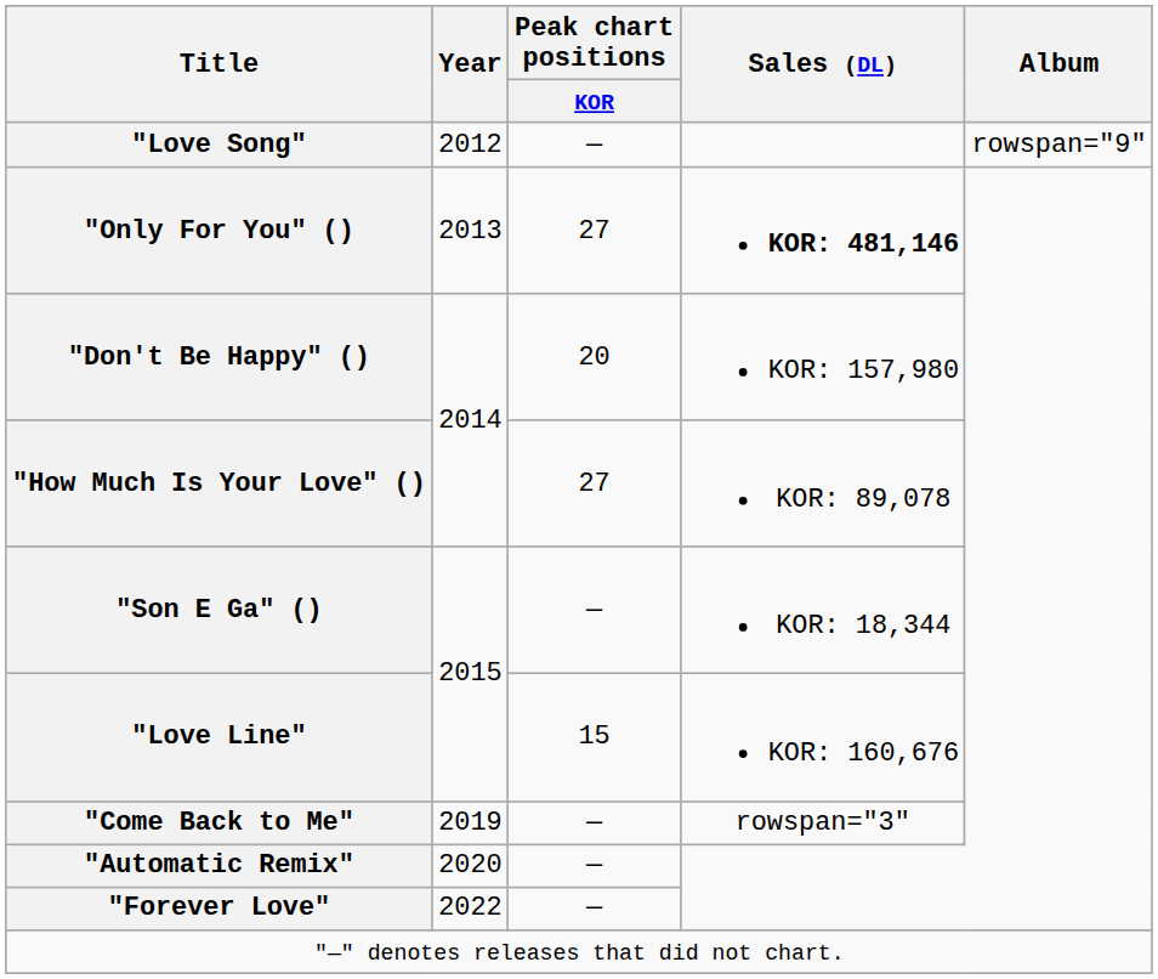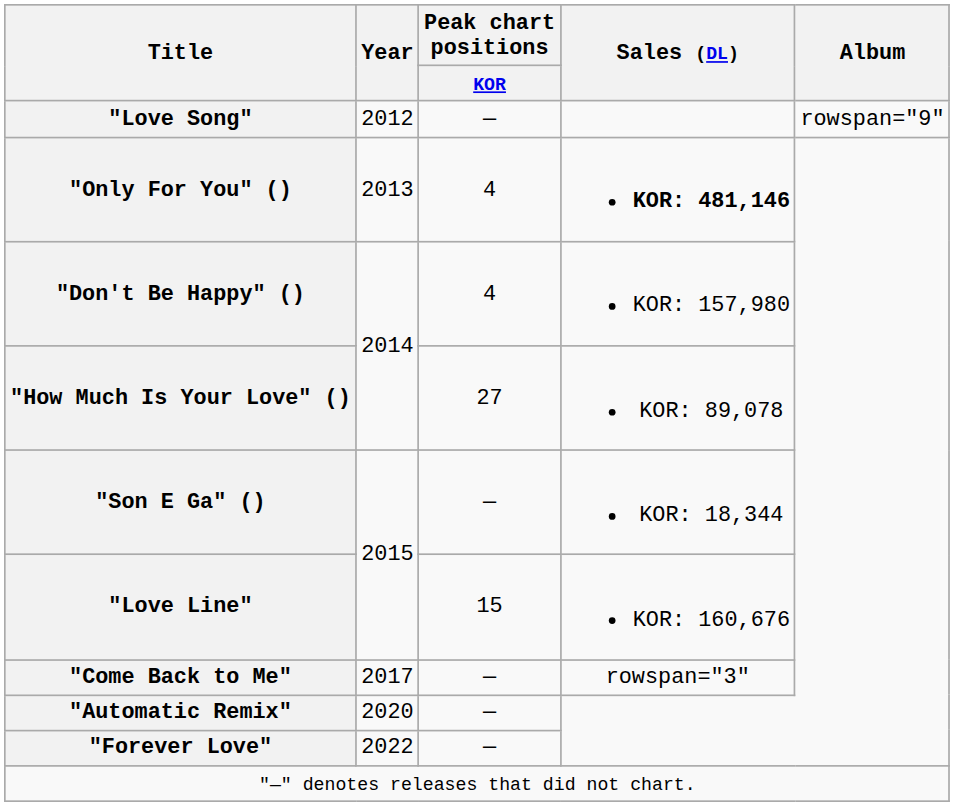 <table class="wikitable plainrowheaders" style="text-align:center;">
 <tr>
 <th scope="col" rowspan="2">Title</th>
 <th scope="col" rowspan="2">Year</th>
 <th scope="col" colspan="1">Peak chart <br> positions</th>
 <th scope="col" rowspan="2">Sales <small>(<a href='#'>DL</a>)</small></th>
 <th scope="col" rowspan="2">Album</th>
 </tr>
 <tr>
 <th><small><a href='#'>KOR</a></small><br></th>
 </tr>
 <tr>
 <th scope="row">"Love Song"<br></th>
 <td>2012</td>
 <td>—</td>
 <td></td>
 <td>rowspan="9" </td>
 </tr>
 <tr>
 <th scope="row">"Only For You" ()<br></th>
 <td>2013</td>
-<td>27</td>
+<td>4</td>
 <td><strong><br><ul><li>KOR: 481,146</li></ul></strong></td>
 </tr>
 <tr>
 <th scope="row">"Don't Be Happy" ()<br></th>
 <td rowspan="2">2014</td>
-<td>20</td>
+<td>4</td>
 <td><br><ul><li>KOR: 157,980</li></ul></td>
 </tr>
 <tr>
 <th scope="row">"How Much Is Your Love" ()<br></th>
 <td>27</td>
 <td><br><ul><li>KOR: 89,078</li></ul></td>
 </tr>
 <tr>
 <th scope="row">"Son E Ga" ()<br></th>
 <td rowspan="2">2015</td>
 <td>—</td>
 <td><br><ul><li>KOR:  18,344</li></ul></td>
 </tr>
 <tr>
 <th scope="row">"Love Line"<br></th>
 <td>15</td>
 <td><br><ul><li>KOR:  160,676</li></ul></td>
 </tr>
 <tr>
 <th scope="row">"Come Back to Me"<br></th>
-<td>2019</td>
+<td>2017</td>
 <td>—</td>
 <td>rowspan="3" </td>
 </tr>
 <tr>
 <th scope="row">"Automatic Remix"<br></th>
 <td>2020</td>
 <td>—</td>
 </tr>
 <tr>
 <th scope="row">"Forever Love"<br></th>
 <td>2022</td>
 <td>—</td>
 </tr>
 <tr>
 <td colspan="5" align="center"><small>"—" denotes releases that did not chart.</small></td>
 </tr>
 </table>
